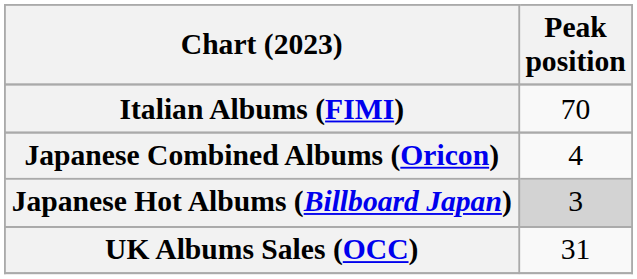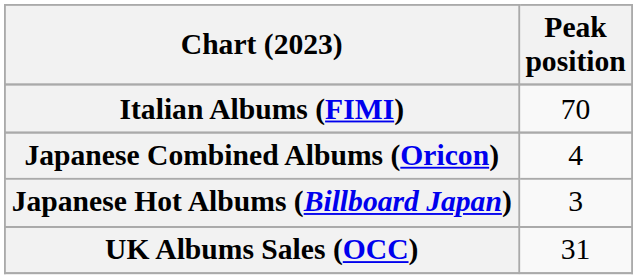 <table class="wikitable sortable plainrowheaders" style="text-align:center">
 <tr>
 <th scope="col">Chart (2023)</th>
 <th scope="col">Peak<br>position</th>
 </tr>
 <tr>
 </tr>
 <tr>
 </tr>
 <tr>
 </tr>
 <tr>
 </tr>
 <tr>
 <th scope="row">Italian Albums (<a href='#'>FIMI</a>)</th>
 <td>70</td>
 </tr>
 <tr>
 </tr>
 <tr>
 <th scope="row">Japanese Combined Albums (<a href='#'>Oricon</a>)</th>
 <td>4</td>
 </tr>
 <tr>
 <th scope="row">Japanese Hot Albums (<em><a href='#'>Billboard Japan</a></em>)</th>
-<td style="background: lightgrey;">3</td>
+<td>3</td>
 </tr>
 <tr>
 </tr>
 <tr>
 </tr>
 <tr>
 </tr>
 <tr>
 </tr>
 <tr>
 <th scope="row">UK Albums Sales (<a href='#'>OCC</a>)</th>
 <td>31</td>
 </tr>
 <tr>
 </tr>
 <tr>
 </tr>
 <tr>
 </tr>
 </table>
